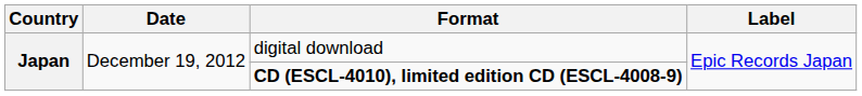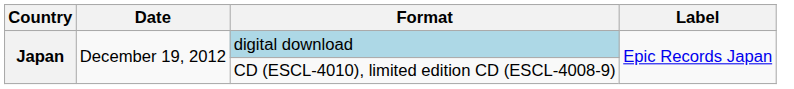 <table class="wikitable plainrowheaders">
 <tr>
 <th scope="col">Country</th>
 <th>Date</th>
 <th>Format</th>
 <th>Label</th>
 </tr>
 <tr>
 <th scope="row" rowspan="2">Japan</th>
 <td scope="row" rowspan="2">December 19, 2012</td>
-<td>digital download</td>
+<td style="background: lightblue;">digital download</td>
 <td scope="row" rowspan="2"><a href='#'>Epic Records Japan</a></td>
 </tr>
 <tr>
-<td><strong>CD (ESCL-4010), limited edition CD (ESCL-4008-9)</strong></td>
+<td>CD (ESCL-4010), limited edition CD (ESCL-4008-9)</td>
 </tr>
 </table>
